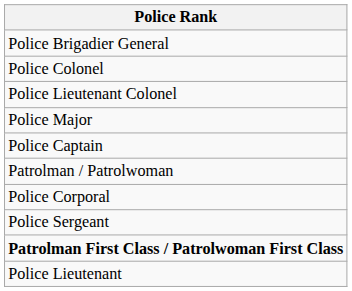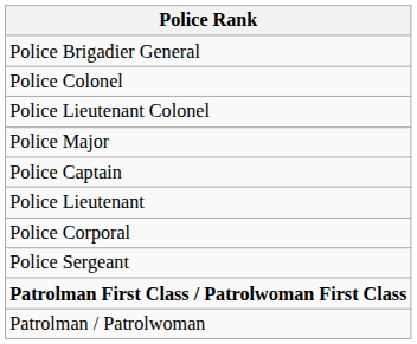 <table class="wikitable" style="display: inline-table;">
 <tr>
 <th>Police Rank</th>
 </tr>
 <tr>
 <td>Police Brigadier General</td>
 </tr>
 <tr>
 <td>Police Colonel</td>
 </tr>
 <tr>
 <td>Police Lieutenant Colonel</td>
 </tr>
 <tr>
 <td>Police Major</td>
 </tr>
 <tr>
 <td>Police Captain</td>
 </tr>
 <tr>
-<td>Patrolman / Patrolwoman</td>
+<td>Police Lieutenant</td>
 </tr>
 <tr>
 <td>Police Corporal</td>
 </tr>
 <tr>
 <td>Police Sergeant</td>
 </tr>
 <tr>
 <td><strong>Patrolman First Class / Patrolwoman First Class</strong></td>
 </tr>
 <tr>
-<td>Police Lieutenant</td>
+<td>Patrolman / Patrolwoman</td>
 </tr>
 </table>
